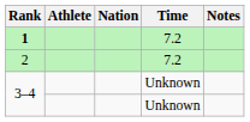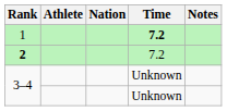 <table class="wikitable sortable" style="text-align:center">
 <tr>
 <th>Rank</th>
 <th>Athlete</th>
 <th>Nation</th>
 <th>Time</th>
 <th>Notes</th>
 </tr>
 <tr style="background:#bbf3bb;">
-<td><strong>1</strong></td>
+<td>1</td>
 <td align=left></td>
 <td align=left></td>
-<td>7.2</td>
+<td><strong>7.2</strong></td>
 <td></td>
 </tr>
 <tr style="background:#bbf3bb;">
-<td>2</td>
+<td><strong>2</strong></td>
 <td align=left></td>
 <td align=left></td>
 <td>7.2</td>
 <td></td>
 </tr>
 <tr>
 <td rowspan=2>3–4</td>
 <td align=left></td>
 <td align=left></td>
 <td>Unknown</td>
 <td></td>
 </tr>
 <tr>
 <td align=left></td>
 <td align=left></td>
 <td>Unknown</td>
 <td></td>
 </tr>
 </table>
